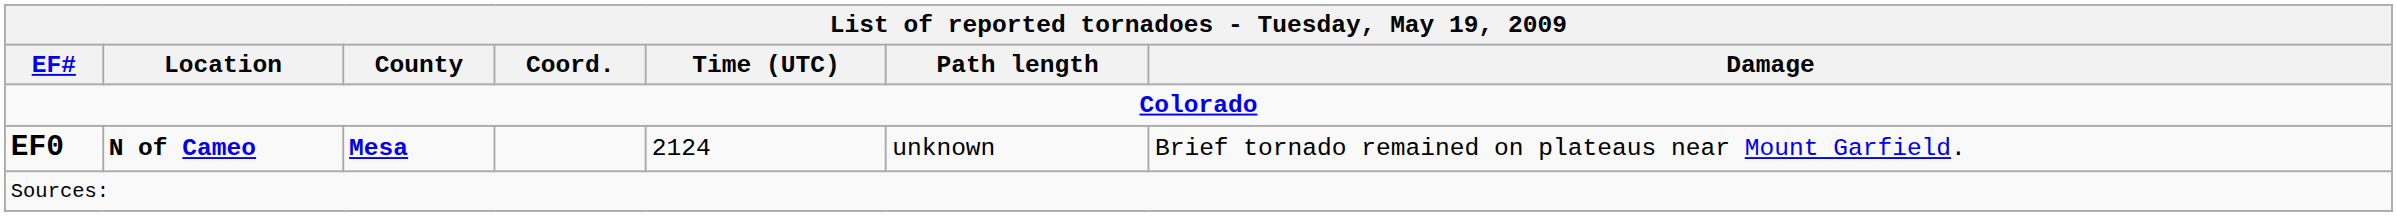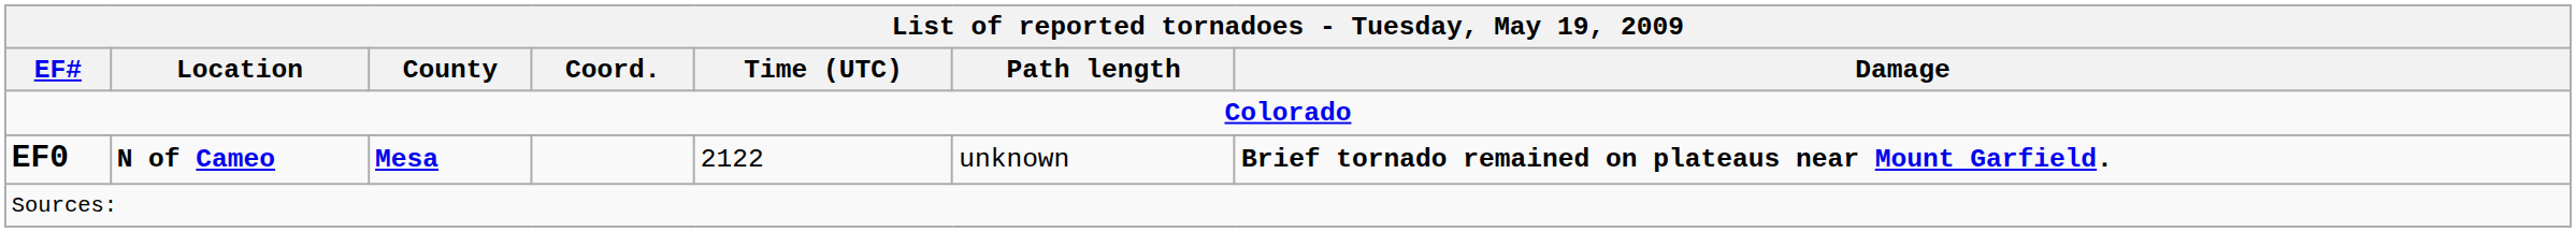 <table class="wikitable collapsible" width="100%">
 <tr>
 <th colspan="7">List of reported tornadoes - Tuesday, May 19, 2009</th>
 </tr>
 <tr>
 <th><a href='#'>EF#</a></th>
 <th>Location</th>
 <th>County</th>
 <th>Coord.</th>
 <th>Time (UTC)</th>
 <th>Path length</th>
 <th>Damage</th>
 </tr>
 <tr>
 <td colspan="7" align=center><strong><a href='#'>Colorado</a></strong></td>
 </tr>
 <tr>
 <td><big><strong>EF0</strong></big></td>
 <td><strong>N of <a href='#'>Cameo</a></strong></td>
 <td><strong><a href='#'>Mesa</a></strong></td>
 <td></td>
-<td>2124</td>
+<td>2122</td>
 <td>unknown</td>
-<td>Brief tornado remained on plateaus near <a href='#'>Mount Garfield</a>.</td>
+<td><strong>Brief tornado remained on plateaus near <a href='#'>Mount Garfield</a>.</strong></td>
 </tr>
 <tr>
 <td colspan="7"><small>Sources: </small></td>
 </tr>
 </table>
